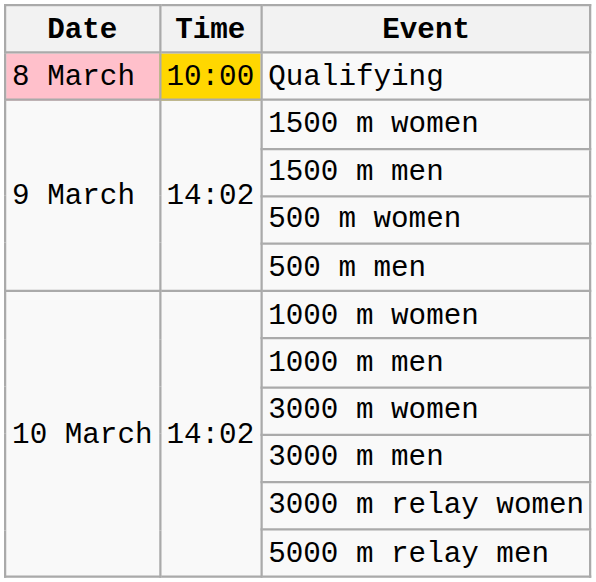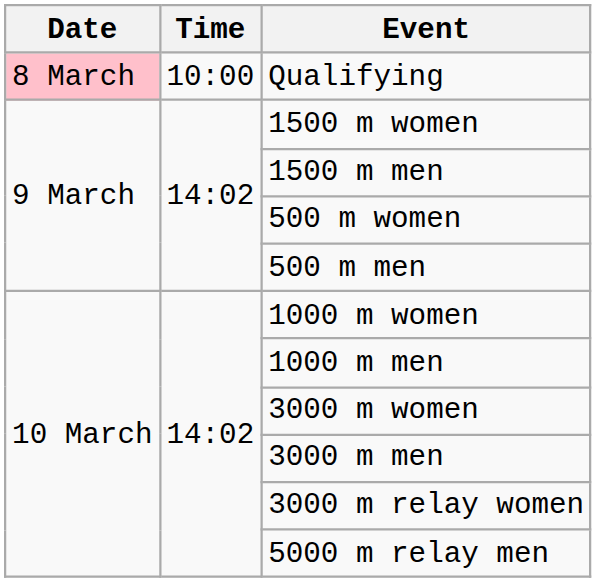 <table class="wikitable" border="1">
 <tr>
 <th>Date</th>
 <th>Time</th>
 <th>Event</th>
 </tr>
 <tr>
 <td style="background: pink;">8 March</td>
-<td style="background: gold;">10:00</td>
+<td>10:00</td>
 <td>Qualifying</td>
 </tr>
 <tr>
 <td rowspan=4>9 March</td>
 <td rowspan=4>14:02</td>
 <td>1500 m women</td>
 </tr>
 <tr>
 <td>1500 m men</td>
 </tr>
 <tr>
 <td>500 m women</td>
 </tr>
 <tr>
 <td>500 m men</td>
 </tr>
 <tr>
 <td rowspan=6>10 March</td>
 <td rowspan=6>14:02</td>
 <td>1000 m women</td>
 </tr>
 <tr>
 <td>1000 m men</td>
 </tr>
 <tr>
 <td>3000 m women</td>
 </tr>
 <tr>
 <td>3000 m men</td>
 </tr>
 <tr>
 <td>3000 m relay women</td>
 </tr>
 <tr>
 <td>5000 m relay men</td>
 </tr>
 </table>
